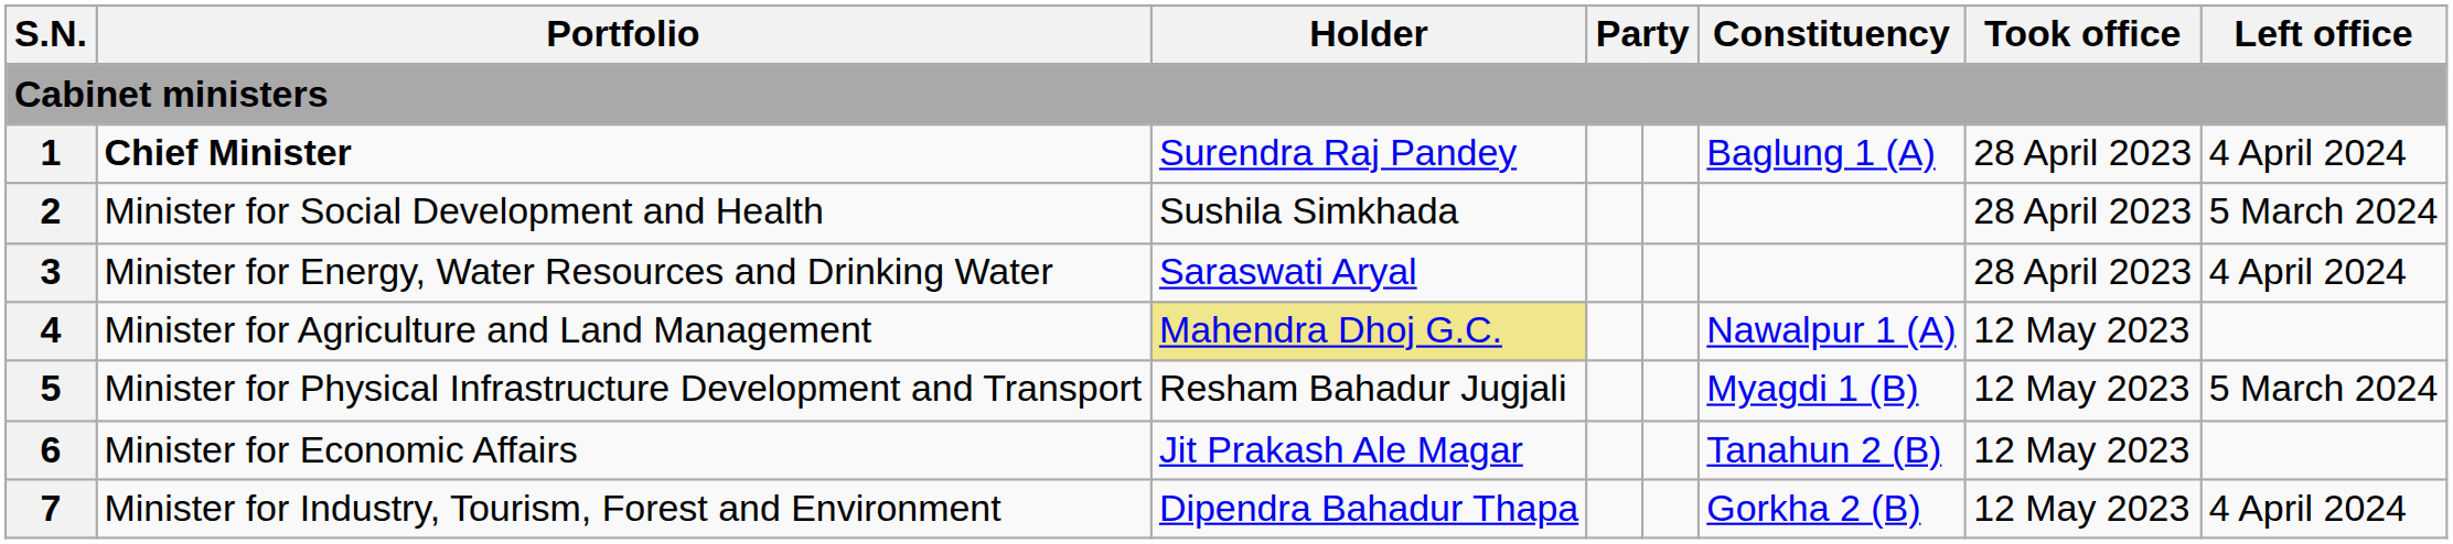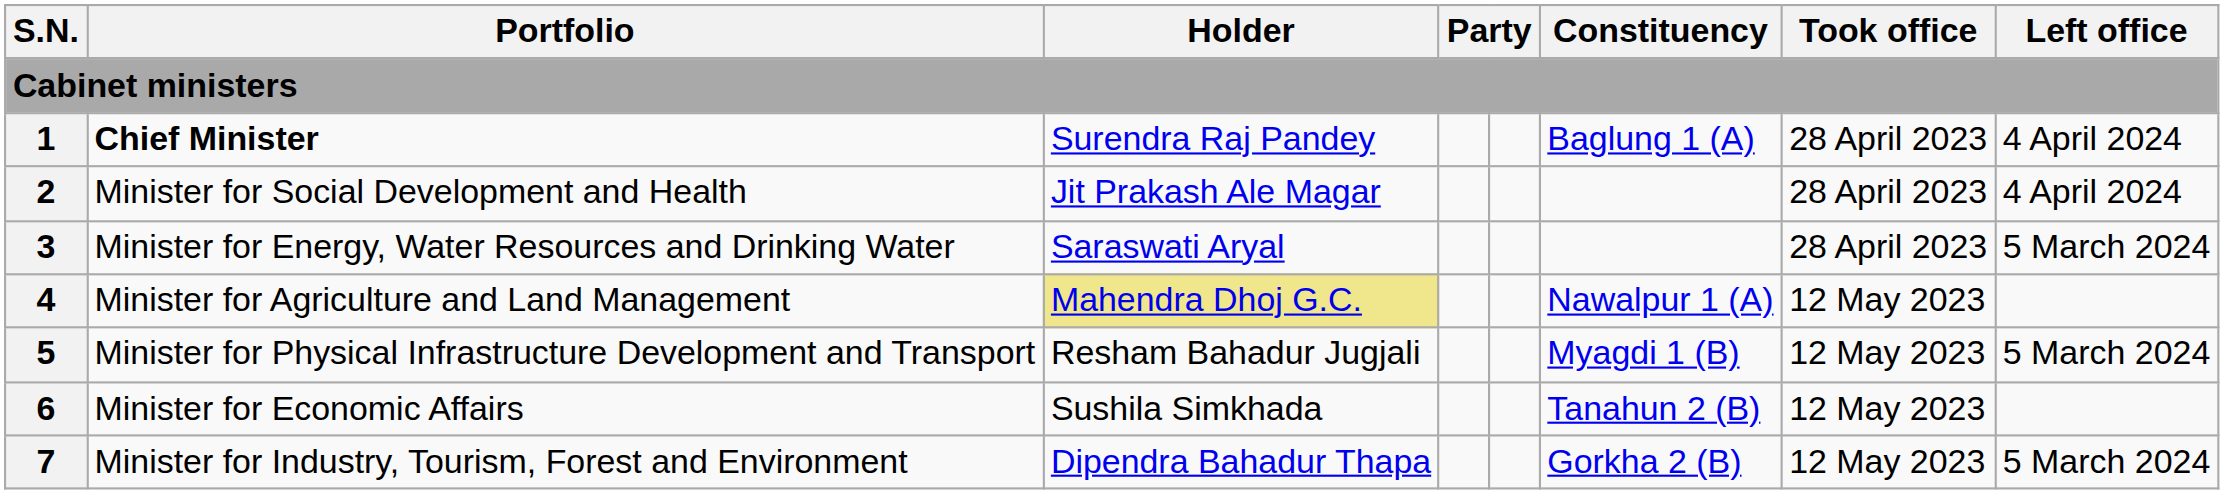 <table class="wikitable">
 <tr>
 <th>S.N.</th>
 <th>Portfolio</th>
 <th>Holder</th>
 <th colspan="2">Party</th>
 <th>Constituency</th>
 <th>Took office</th>
 <th>Left office</th>
 </tr>
 <tr>
 <td colspan="8" bgcolor="darkgrey"><strong>Cabinet ministers</strong></td>
 </tr>
 <tr>
 <th>1</th>
 <td><strong>Chief Minister</strong></td>
 <td><a href='#'>Surendra Raj Pandey</a></td>
 <td></td>
 <td></td>
 <td><a href='#'>Baglung 1 (A)</a></td>
 <td>28 April 2023</td>
 <td>4 April 2024</td>
 </tr>
 <tr>
 <th>2</th>
 <td>Minister for Social Development and Health</td>
-<td>Sushila Simkhada</td>
+<td><a href='#'>Jit Prakash Ale Magar</a></td>
 <td></td>
 <td></td>
 <td></td>
 <td>28 April 2023</td>
-<td>5 March 2024</td>
+<td>4 April 2024</td>
 </tr>
 <tr>
 <th>3</th>
 <td>Minister for Energy, Water Resources and Drinking Water</td>
 <td><a href='#'>Saraswati Aryal</a></td>
 <td></td>
 <td></td>
 <td></td>
 <td>28 April 2023</td>
-<td>4 April 2024</td>
+<td>5 March 2024</td>
 </tr>
 <tr>
 <th>4</th>
 <td>Minister for Agriculture and Land Management</td>
 <td style="background: khaki;"><a href='#'>Mahendra Dhoj G.C.</a></td>
 <td></td>
 <td></td>
 <td><a href='#'>Nawalpur 1 (A)</a></td>
 <td>12 May 2023</td>
 <td></td>
 </tr>
 <tr>
 <th>5</th>
 <td>Minister for Physical Infrastructure Development and Transport</td>
 <td>Resham Bahadur Jugjali</td>
 <td></td>
 <td></td>
 <td><a href='#'>Myagdi 1 (B)</a></td>
 <td>12 May 2023</td>
 <td>5 March 2024</td>
 </tr>
 <tr>
 <th>6</th>
 <td>Minister for Economic Affairs</td>
-<td><a href='#'>Jit Prakash Ale Magar</a></td>
+<td>Sushila Simkhada</td>
 <td></td>
 <td></td>
 <td><a href='#'>Tanahun 2 (B)</a></td>
 <td>12 May 2023</td>
 <td></td>
 </tr>
 <tr>
 <th>7</th>
 <td>Minister for Industry, Tourism, Forest and Environment</td>
 <td><a href='#'>Dipendra Bahadur Thapa</a></td>
 <td></td>
 <td></td>
 <td><a href='#'>Gorkha 2 (B)</a></td>
 <td>12 May 2023</td>
-<td>4 April 2024</td>
+<td>5 March 2024</td>
 </tr>
 </table>
